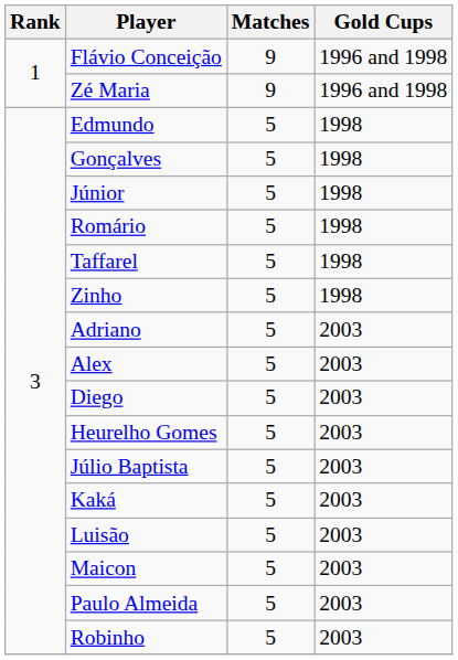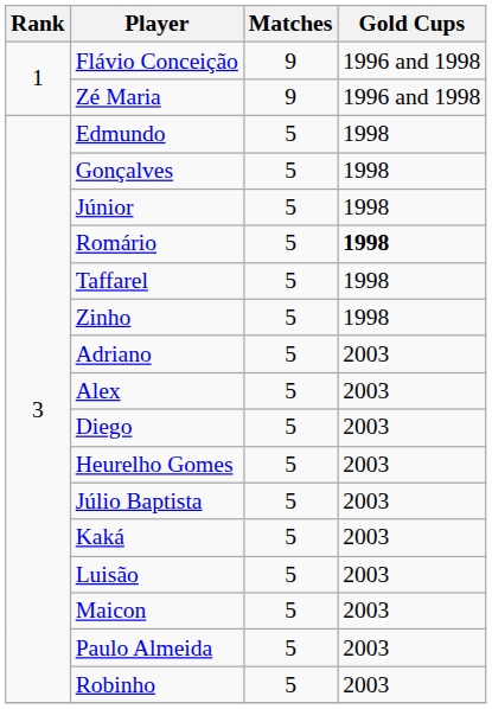 <table class="wikitable" style="text-align: left;">
 <tr>
 <th>Rank</th>
 <th>Player</th>
 <th>Matches</th>
 <th>Gold Cups</th>
 </tr>
 <tr>
 <td rowspan=2 align=center>1</td>
 <td><a href='#'>Flávio Conceição</a></td>
 <td align=center>9</td>
 <td>1996 and 1998</td>
 </tr>
 <tr>
 <td><a href='#'>Zé Maria</a></td>
 <td align=center>9</td>
 <td>1996 and 1998</td>
 </tr>
 <tr>
 <td rowspan=16 align=center>3</td>
 <td><a href='#'>Edmundo</a></td>
 <td align=center>5</td>
 <td>1998</td>
 </tr>
 <tr>
 <td><a href='#'>Gonçalves</a></td>
 <td align=center>5</td>
 <td>1998</td>
 </tr>
 <tr>
 <td><a href='#'>Júnior</a></td>
 <td align=center>5</td>
 <td>1998</td>
 </tr>
 <tr>
 <td><a href='#'>Romário</a></td>
 <td align=center>5</td>
-<td>1998</td>
+<td><strong>1998</strong></td>
 </tr>
 <tr>
 <td><a href='#'>Taffarel</a></td>
 <td align=center>5</td>
 <td>1998</td>
 </tr>
 <tr>
 <td><a href='#'>Zinho</a></td>
 <td align=center>5</td>
 <td>1998</td>
 </tr>
 <tr>
 <td><a href='#'>Adriano</a></td>
 <td align=center>5</td>
 <td>2003</td>
 </tr>
 <tr>
 <td><a href='#'>Alex</a></td>
 <td align=center>5</td>
 <td>2003</td>
 </tr>
 <tr>
 <td><a href='#'>Diego</a></td>
 <td align=center>5</td>
 <td>2003</td>
 </tr>
 <tr>
 <td><a href='#'>Heurelho Gomes</a></td>
 <td align=center>5</td>
 <td>2003</td>
 </tr>
 <tr>
 <td><a href='#'>Júlio Baptista</a></td>
 <td align=center>5</td>
 <td>2003</td>
 </tr>
 <tr>
 <td><a href='#'>Kaká</a></td>
 <td align=center>5</td>
 <td>2003</td>
 </tr>
 <tr>
 <td><a href='#'>Luisão</a></td>
 <td align=center>5</td>
 <td>2003</td>
 </tr>
 <tr>
 <td><a href='#'>Maicon</a></td>
 <td align=center>5</td>
 <td>2003</td>
 </tr>
 <tr>
 <td><a href='#'>Paulo Almeida</a></td>
 <td align=center>5</td>
 <td>2003</td>
 </tr>
 <tr>
 <td><a href='#'>Robinho</a></td>
 <td align=center>5</td>
 <td>2003</td>
 </tr>
 <tr>
 </tr>
 </table>
